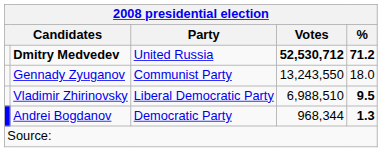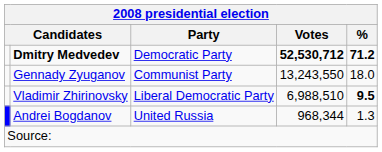 <table class=wikitable style=text-align:right>
 <tr>
 <th colspan=5><a href='#'>2008 presidential election</a></th>
 </tr>
 <tr>
 <th colspan=2>Candidates</th>
 <th>Party</th>
 <th>Votes</th>
 <th>%</th>
 </tr>
 <tr>
 <td style="background-color: "></td>
 <td style="text-align:left;"><strong>Dmitry Medvedev</strong></td>
-<td style="text-align:left;"><a href='#'>United Russia</a></td>
+<td style="text-align:left;"><a href='#'>Democratic Party</a></td>
 <td><strong>52,530,712</strong></td>
 <td><strong>71.2</strong></td>
 </tr>
 <tr>
 <td style="background-color: "></td>
 <td style="text-align:left;"><a href='#'>Gennady Zyuganov</a></td>
 <td style="text-align:left;"><a href='#'>Communist Party</a></td>
 <td>13,243,550</td>
 <td>18.0</td>
 </tr>
 <tr>
 <td style="background-color: "></td>
 <td style="text-align:left;"><a href='#'>Vladimir Zhirinovsky</a></td>
 <td style="text-align:left;"><a href='#'>Liberal Democratic Party</a></td>
 <td>6,988,510</td>
 <td><strong>9.5</strong></td>
 </tr>
 <tr>
 <td style="background:blue;"></td>
 <td style="text-align:left;"><a href='#'>Andrei Bogdanov</a></td>
-<td style="text-align:left;"><a href='#'>Democratic Party</a></td>
+<td style="text-align:left;"><a href='#'>United Russia</a></td>
 <td>968,344</td>
-<td><strong>1.3</strong></td>
+<td>1.3</td>
 </tr>
 <tr>
 <td style="text-align:left;" colspan=5>Source: </td>
 </tr>
 </table>
